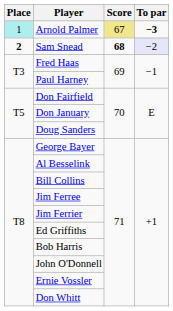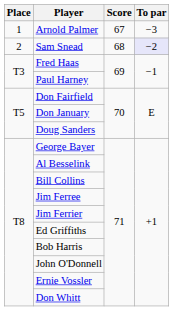 <table class=wikitable>
 <tr>
 <th>Place</th>
 <th>Player</th>
 <th>Score</th>
 <th>To par</th>
 </tr>
 <tr>
-<td align=center style="background: paleturquoise;">1</td>
+<td align=center>1</td>
 <td> <a href='#'>Arnold Palmer</a></td>
-<td align=center style="background: khaki;">67</td>
-<td align=center><strong>−3</strong></td>
+<td align=center>67</td>
+<td align=center>−3</td>
 </tr>
 <tr>
-<td align=center><strong>2</strong></td>
+<td align=center>2</td>
 <td> <a href='#'>Sam Snead</a></td>
-<td align=center><strong>68</strong></td>
+<td align=center>68</td>
 <td align=center style="background: lavender;">−2</td>
 </tr>
 <tr>
 <td rowspan=2 align=center>T3</td>
 <td> <a href='#'>Fred Haas</a></td>
 <td rowspan=2 align=center>69</td>
 <td rowspan=2 align=center>−1</td>
 </tr>
 <tr>
 <td> <a href='#'>Paul Harney</a></td>
 </tr>
 <tr>
 <td rowspan=3 align=center>T5</td>
 <td> <a href='#'>Don Fairfield</a></td>
 <td rowspan=3 align=center>70</td>
 <td rowspan=3 align=center>E</td>
 </tr>
 <tr>
 <td> <a href='#'>Don January</a></td>
 </tr>
 <tr>
 <td> <a href='#'>Doug Sanders</a></td>
 </tr>
 <tr>
 <td rowspan=10 align=center>T8</td>
 <td> <a href='#'>George Bayer</a></td>
 <td rowspan=10 align=center>71</td>
 <td rowspan=10 align=center>+1</td>
 </tr>
 <tr>
 <td> <a href='#'>Al Besselink</a></td>
 </tr>
 <tr>
 <td> <a href='#'>Bill Collins</a></td>
 </tr>
 <tr>
 <td> <a href='#'>Jim Ferree</a></td>
 </tr>
 <tr>
 <td> <a href='#'>Jim Ferrier</a><br></td>
 </tr>
 <tr>
 <td> Ed Griffiths</td>
 </tr>
 <tr>
 <td> Bob Harris</td>
 </tr>
 <tr>
 <td> John O'Donnell</td>
 </tr>
 <tr>
 <td> <a href='#'>Ernie Vossler</a></td>
 </tr>
 <tr>
 <td> <a href='#'>Don Whitt</a></td>
 </tr>
 </table>
